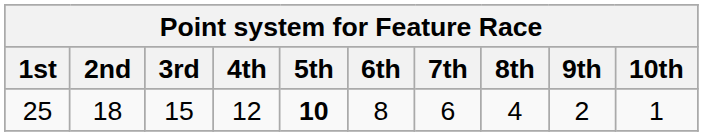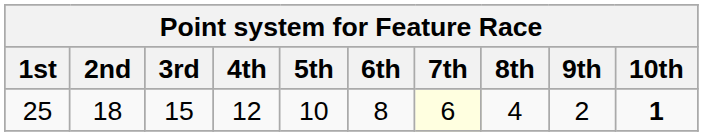 <table class="wikitable" style="font-size:95%; text-align:center">
 <tr>
 <th colspan="10">Point system for Feature Race</th>
 </tr>
 <tr>
 <th> 1st </th>
 <th> 2nd </th>
 <th> 3rd </th>
 <th> 4th </th>
 <th> 5th </th>
 <th> 6th </th>
 <th> 7th </th>
 <th> 8th </th>
 <th> 9th </th>
 <th> 10th </th>
 </tr>
 <tr>
 <td>25</td>
 <td>18</td>
 <td>15</td>
 <td>12</td>
-<td><strong>10</strong></td>
+<td>10</td>
 <td>8</td>
-<td>6</td>
+<td style="background: lightyellow;">6</td>
 <td>4</td>
 <td>2</td>
-<td>1</td>
+<td><strong>1</strong></td>
 </tr>
 </table>
